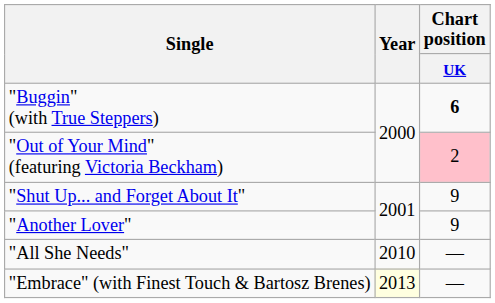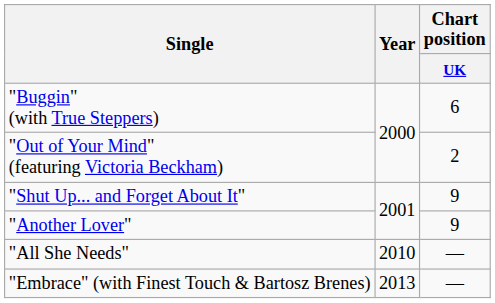 <table class="wikitable">
 <tr>
 <th rowspan="2">Single</th>
 <th rowspan="2">Year</th>
 <th>Chart position</th>
 </tr>
 <tr>
 <th width="40"><small><a href='#'>UK</a></small></th>
 </tr>
 <tr>
 <td>"<a href='#'>Buggin</a>" <br><span>(with <a href='#'>True Steppers</a>)</span></td>
 <td rowspan="2">2000</td>
-<td style="text-align:center;"><strong>6</strong></td>
+<td style="text-align:center;">6</td>
 </tr>
 <tr>
 <td>"<a href='#'>Out of Your Mind</a>" <br><span>(featuring <a href='#'>Victoria Beckham</a>)</span></td>
-<td style="background: pink; text-align:center;">2</td>
+<td style="text-align:center;">2</td>
 </tr>
 <tr>
 <td>"<a href='#'>Shut Up... and Forget About It</a>"</td>
 <td rowspan="2">2001</td>
 <td style="text-align:center;">9</td>
 </tr>
 <tr>
 <td>"<a href='#'>Another Lover</a>"</td>
 <td style="text-align:center;">9</td>
 </tr>
 <tr>
 <td>"All She Needs"</td>
 <td>2010</td>
 <td style="text-align:center;">—</td>
 </tr>
 <tr>
 <td>"Embrace" (with Finest Touch & Bartosz Brenes)</td>
-<td style="background: lightyellow;">2013</td>
+<td>2013</td>
 <td style="text-align:center;">—</td>
 </tr>
 </table>
